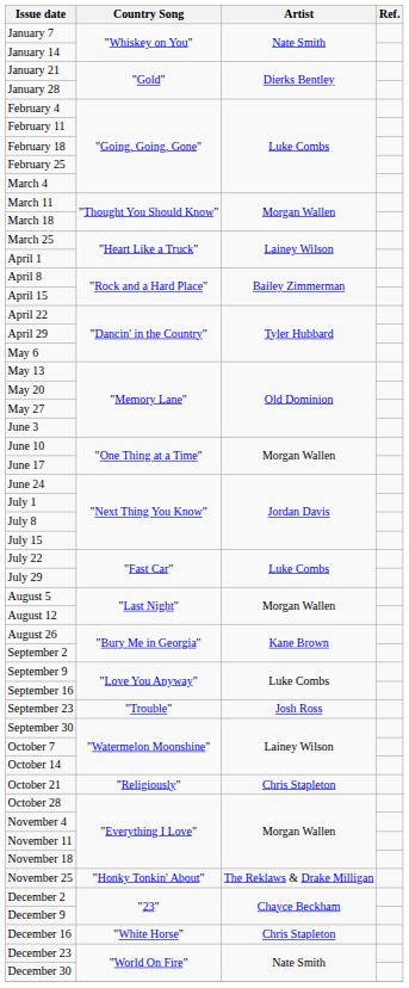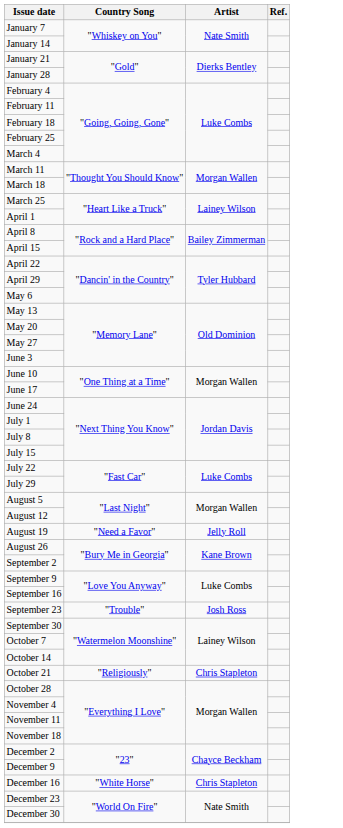 <table class="wikitable">
 <tr>
 <th>Issue date</th>
 <th>Country Song</th>
 <th>Artist</th>
 <th>Ref.</th>
 </tr>
 <tr>
 <td>January 7</td>
 <td align="center" rowspan="2">"<a href='#'>Whiskey on You</a>"</td>
 <td align="center" rowspan="2"><a href='#'>Nate Smith</a></td>
 <td align="center"></td>
 </tr>
 <tr>
 <td>January 14</td>
 <td align="center"></td>
 </tr>
 <tr>
 <td>January 21</td>
 <td align="center" rowspan="2">"<a href='#'>Gold</a>"</td>
 <td align="center" rowspan="2"><a href='#'>Dierks Bentley</a></td>
 <td align="center"></td>
 </tr>
 <tr>
 <td>January 28</td>
 <td align="center"></td>
 </tr>
 <tr>
 <td>February 4</td>
 <td align="center" rowspan="5">"<a href='#'>Going, Going, Gone</a>"</td>
 <td align="center" rowspan="5"><a href='#'>Luke Combs</a></td>
 <td align="center"></td>
 </tr>
 <tr>
 <td>February 11</td>
 <td align="center"></td>
 </tr>
 <tr>
 <td>February 18</td>
 <td align="center"></td>
 </tr>
 <tr>
 <td>February 25</td>
 <td align="center"></td>
 </tr>
 <tr>
 <td>March 4</td>
 <td align="center"></td>
 </tr>
 <tr>
 <td>March 11</td>
 <td align="center" rowspan="2">"<a href='#'>Thought You Should Know</a>"</td>
 <td align="center" rowspan="2"><a href='#'>Morgan Wallen</a></td>
 <td align="center"></td>
 </tr>
 <tr>
 <td>March 18</td>
 <td align="center"></td>
 </tr>
 <tr>
 <td>March 25</td>
 <td align="center" rowspan="2">"<a href='#'>Heart Like a Truck</a>"</td>
 <td align="center" rowspan="2"><a href='#'>Lainey Wilson</a></td>
 <td align="center"></td>
 </tr>
 <tr>
 <td>April 1</td>
 <td align="center"></td>
 </tr>
 <tr>
 <td>April 8</td>
 <td align="center" rowspan="2">"<a href='#'>Rock and a Hard Place</a>"</td>
 <td align="center" rowspan="2"><a href='#'>Bailey Zimmerman</a></td>
 <td align="center"></td>
 </tr>
 <tr>
 <td>April 15</td>
 <td align="center"></td>
 </tr>
 <tr>
 <td>April 22</td>
 <td align="center" rowspan="3">"<a href='#'>Dancin' in the Country</a>"</td>
 <td align="center" rowspan="3"><a href='#'>Tyler Hubbard</a></td>
 <td align="center"></td>
 </tr>
 <tr>
 <td>April 29</td>
 <td align="center"></td>
 </tr>
 <tr>
 <td>May 6</td>
 <td align="center"></td>
 </tr>
 <tr>
 <td>May 13</td>
 <td align="center" rowspan="4">"<a href='#'>Memory Lane</a>"</td>
 <td align="center" rowspan="4"><a href='#'>Old Dominion</a></td>
 <td align="center"></td>
 </tr>
 <tr>
 <td>May 20</td>
 <td align="center"></td>
 </tr>
 <tr>
 <td>May 27</td>
 <td align="center"></td>
 </tr>
 <tr>
 <td>June 3</td>
 <td align="center"></td>
 </tr>
 <tr>
 <td>June 10</td>
 <td align="center" rowspan="2">"<a href='#'>One Thing at a Time</a>"</td>
 <td align="center" rowspan="2">Morgan Wallen</td>
 <td align="center"></td>
 </tr>
 <tr>
 <td>June 17</td>
 <td align="center"></td>
 </tr>
 <tr>
 <td>June 24</td>
 <td align="center" rowspan="4">"<a href='#'>Next Thing You Know</a>"</td>
 <td align="center" rowspan="4"><a href='#'>Jordan Davis</a></td>
 <td align="center"></td>
 </tr>
 <tr>
 <td>July 1</td>
 <td align="center"></td>
 </tr>
 <tr>
 <td>July 8</td>
 <td align="center"></td>
 </tr>
 <tr>
 <td>July 15</td>
 <td align="center"></td>
 </tr>
 <tr>
 <td>July 22</td>
 <td align="center"  rowspan="2">"<a href='#'>Fast Car</a>"</td>
 <td align="center"  rowspan="2"><a href='#'>Luke Combs</a></td>
 <td align="center"></td>
 </tr>
 <tr>
 <td>July 29</td>
 <td align="center"></td>
 </tr>
 <tr>
 <td>August 5</td>
 <td align="center" rowspan="2">"<a href='#'>Last Night</a>"</td>
 <td align="center" rowspan="2">Morgan Wallen</td>
 <td align="center"></td>
 </tr>
 <tr>
 <td>August 12</td>
 <td align="center"></td>
 </tr>
 <tr>
+<td>August 19</td>
+<td align="center">"<a href='#'>Need a Favor</a>"</td>
+<td align="center"><a href='#'>Jelly Roll</a></td>
+<td align="center"></td>
+</tr>
+<tr>
 <td>August 26</td>
 <td align="center" rowspan="2">"<a href='#'>Bury Me in Georgia</a>"</td>
 <td align="center" rowspan="2"><a href='#'>Kane Brown</a></td>
 <td align="center"></td>
 </tr>
 <tr>
 <td>September 2</td>
 <td align="center"></td>
 </tr>
 <tr>
 <td>September 9</td>
 <td align="center" rowspan="2">"<a href='#'>Love You Anyway</a>"</td>
 <td align="center" rowspan="2">Luke Combs</td>
 <td align="center"></td>
 </tr>
 <tr>
 <td>September 16</td>
 <td align="center"></td>
 </tr>
 <tr>
 <td>September 23</td>
 <td align="center">"<a href='#'>Trouble</a>"</td>
 <td align="center"><a href='#'>Josh Ross</a></td>
 <td align="center"></td>
 </tr>
 <tr>
 <td>September 30</td>
 <td align="center" rowspan="3">"<a href='#'>Watermelon Moonshine</a>"</td>
 <td align="center" rowspan="3">Lainey Wilson</td>
 <td align="center"></td>
 </tr>
 <tr>
 <td>October 7</td>
 <td align="center"></td>
 </tr>
 <tr>
 <td>October 14</td>
 <td align="center"></td>
 </tr>
 <tr>
 <td>October 21</td>
 <td align="center">"<a href='#'>Religiously</a>"</td>
 <td align="center"><a href='#'>Chris Stapleton</a></td>
 <td align="center"></td>
 </tr>
 <tr>
 <td>October 28</td>
 <td align="center" rowspan="4">"<a href='#'>Everything I Love</a>"</td>
 <td align="center" rowspan="4">Morgan Wallen</td>
 <td align="center"></td>
 </tr>
 <tr>
 <td>November 4</td>
 <td align="center"></td>
 </tr>
 <tr>
 <td>November 11</td>
 <td align="center"></td>
 </tr>
 <tr>
 <td>November 18</td>
 <td align="center"></td>
 </tr>
 <tr>
-<td>November 25</td>
-<td align="center">"<a href='#'>Honky Tonkin' About</a>"</td>
-<td align="center"><a href='#'>The Reklaws</a> & <a href='#'>Drake Milligan</a></td>
-<td align="center"></td>
-</tr>
-<tr>
 <td>December 2</td>
 <td align="center" rowspan="2">"<a href='#'>23</a>"</td>
 <td align="center" rowspan="2"><a href='#'>Chayce Beckham</a></td>
 <td align="center"></td>
 </tr>
 <tr>
 <td>December 9</td>
 <td align="center"></td>
 </tr>
 <tr>
 <td>December 16</td>
 <td align="center">"<a href='#'>White Horse</a>"</td>
 <td align="center"><a href='#'>Chris Stapleton</a></td>
 <td align="center"></td>
 </tr>
 <tr>
 <td>December 23</td>
 <td align="center" rowspan="2">"<a href='#'>World On Fire</a>"</td>
 <td align="center" rowspan="2">Nate Smith</td>
 <td align="center"></td>
 </tr>
 <tr>
 <td>December 30</td>
 <td align="center"></td>
 </tr>
 <tr>
 </tr>
 </table>
